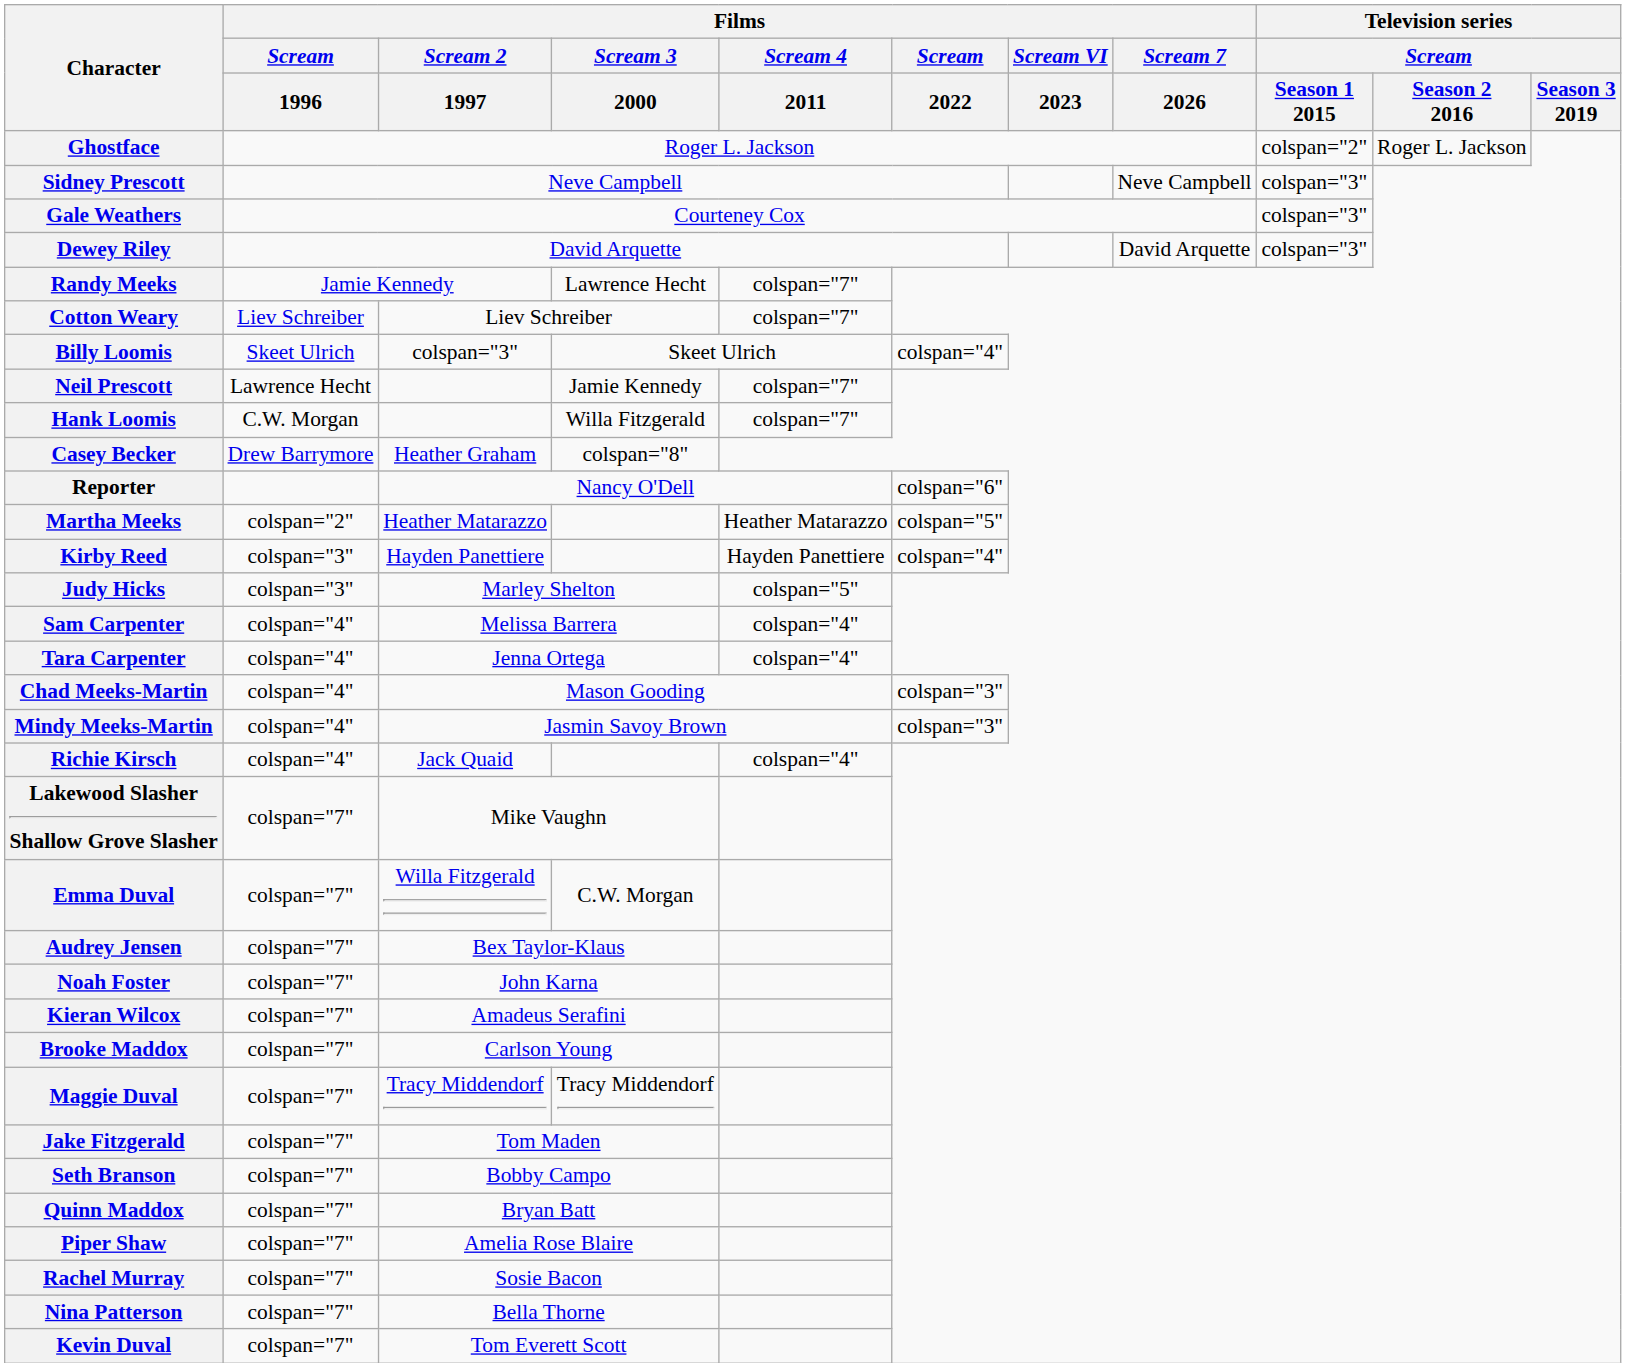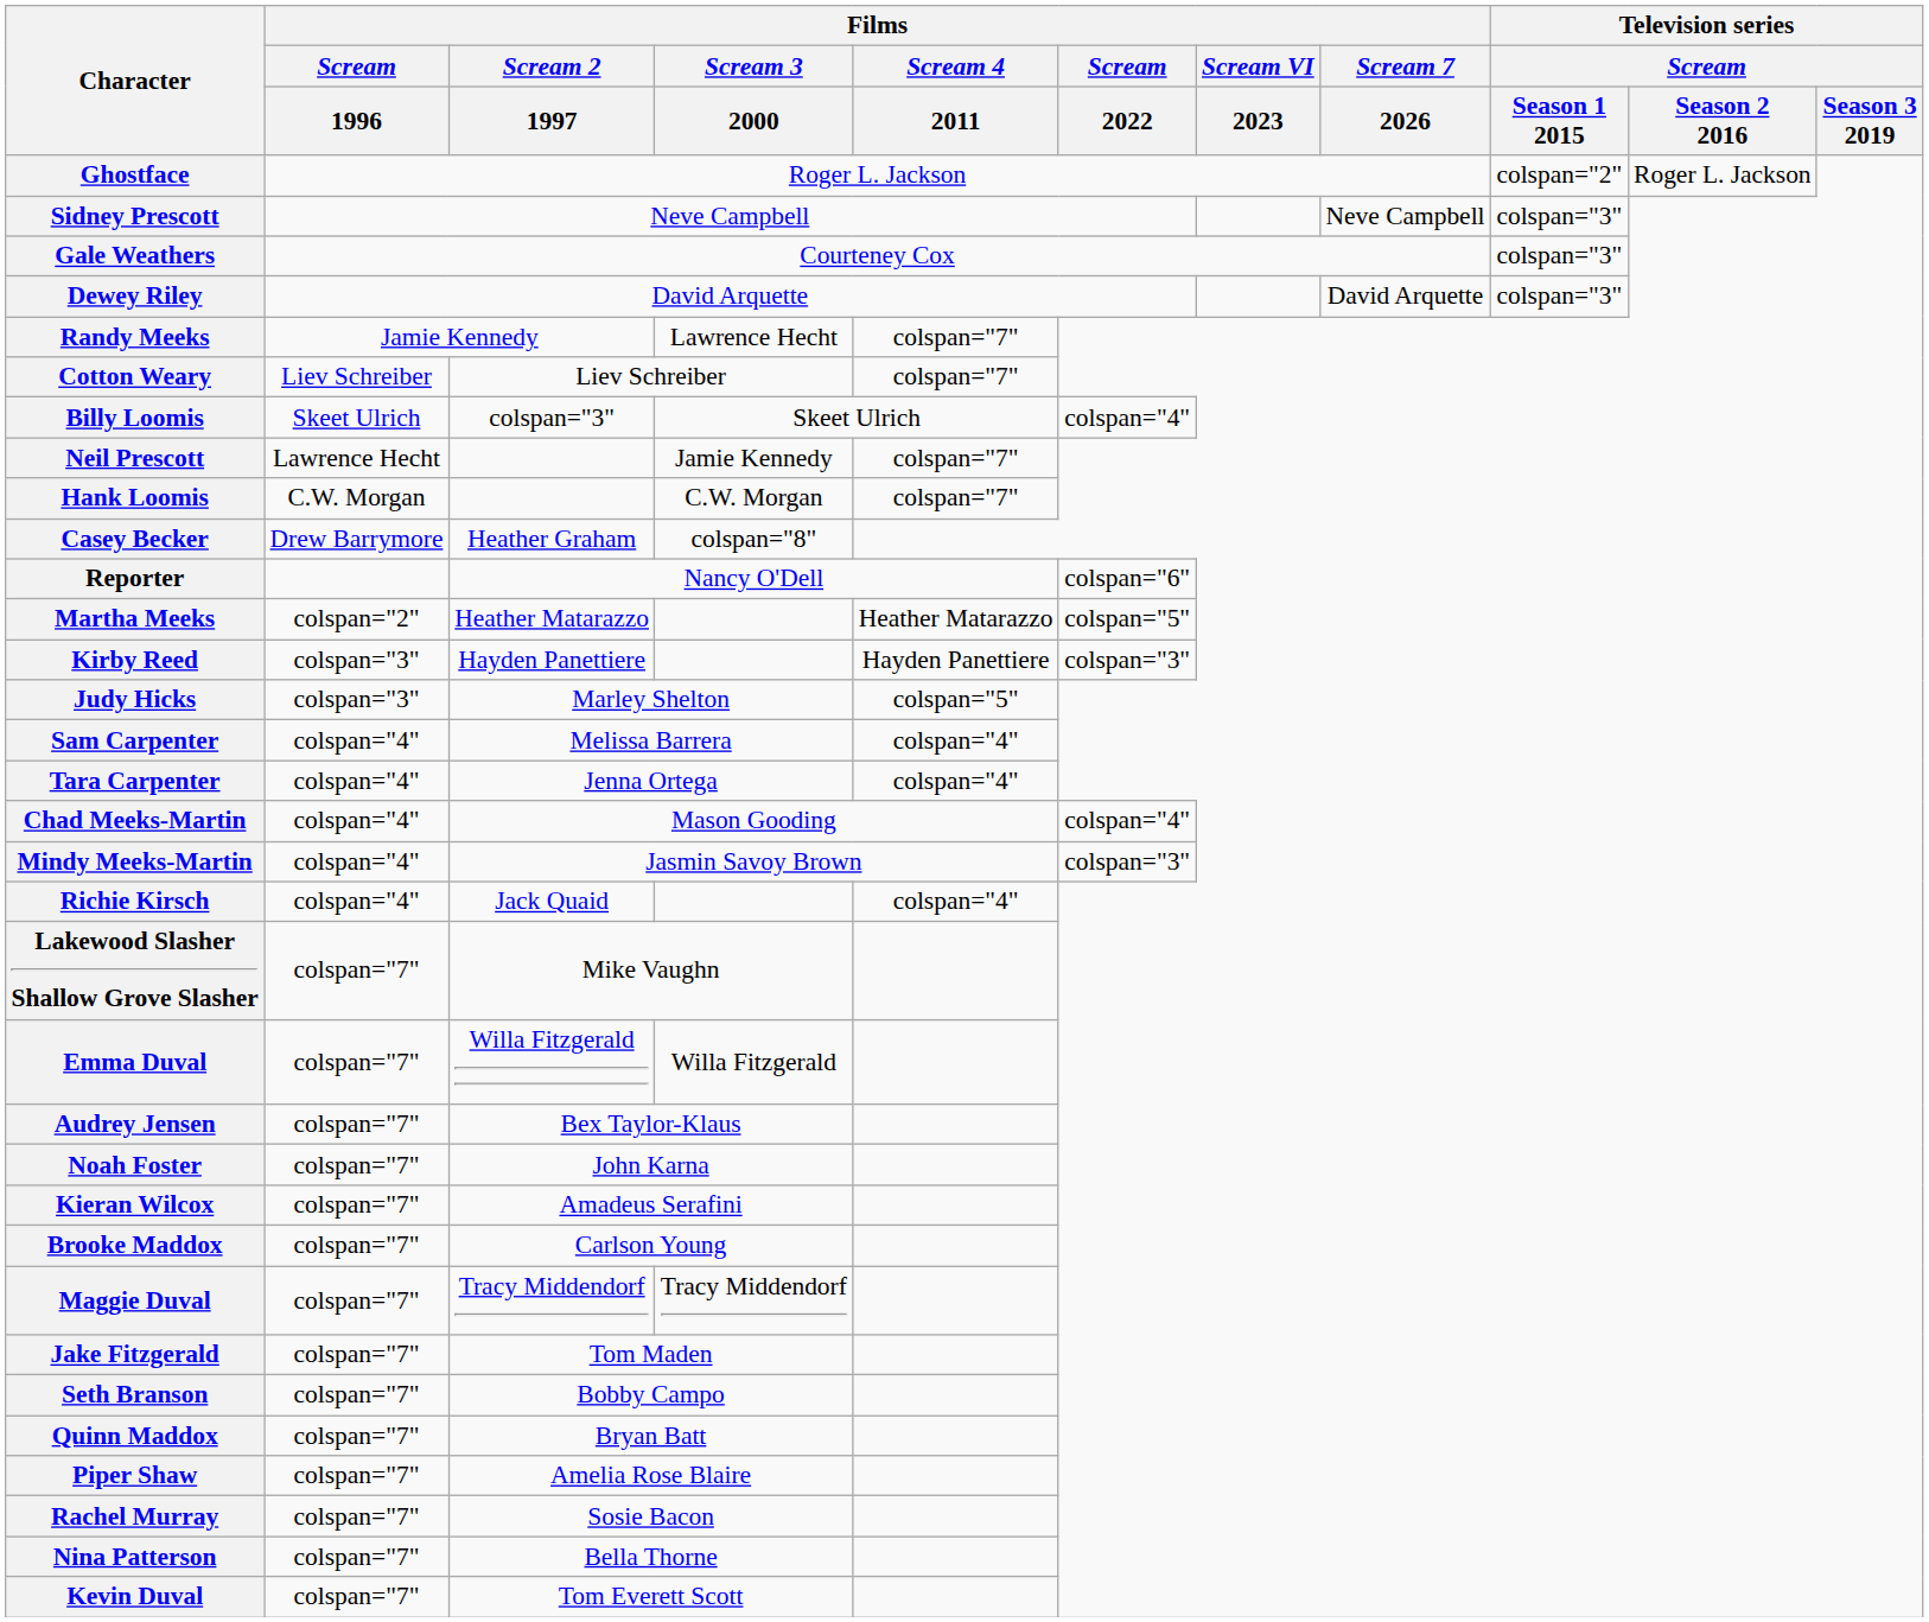 <table class="wikitable" style="text-align:center">
 <tr>
 <th rowspan="3">Character</th>
 <th colspan="7">Films</th>
 <th colspan="3">Television series</th>
 </tr>
 <tr>
 <th><em><a href='#'>Scream</a></em></th>
 <th><em><a href='#'>Scream 2</a></em></th>
 <th><em><a href='#'>Scream 3</a></em></th>
 <th><em><a href='#'>Scream 4</a></em></th>
 <th><em><a href='#'>Scream</a></em></th>
 <th><em><a href='#'>Scream VI</a></em></th>
 <th><em><a href='#'>Scream 7</a></em></th>
 <th colspan="3"><em><a href='#'>Scream</a></em></th>
 </tr>
 <tr>
 <th>1996</th>
 <th>1997</th>
 <th>2000</th>
 <th>2011</th>
 <th>2022</th>
 <th>2023</th>
 <th>2026</th>
 <th><a href='#'>Season 1</a><br>2015</th>
 <th><a href='#'>Season 2</a><br>2016</th>
 <th><a href='#'>Season 3</a><br>2019</th>
 </tr>
 <tr>
 <th><a href='#'>Ghostface</a></th>
 <td colspan="7"><a href='#'>Roger L. Jackson</a></td>
 <td>colspan="2" </td>
 <td>Roger L. Jackson</td>
 </tr>
 <tr>
 <th><a href='#'>Sidney Prescott</a></th>
 <td colspan="5"><a href='#'>Neve Campbell</a></td>
 <td></td>
 <td>Neve Campbell</td>
 <td>colspan="3" </td>
 </tr>
 <tr>
 <th><a href='#'>Gale Weathers</a></th>
 <td colspan="7"><a href='#'>Courteney Cox</a></td>
 <td>colspan="3" </td>
 </tr>
 <tr>
 <th><a href='#'>Dewey Riley</a></th>
 <td colspan="5"><a href='#'>David Arquette</a></td>
 <td></td>
 <td>David Arquette</td>
 <td>colspan="3" </td>
 </tr>
 <tr>
 <th><a href='#'>Randy Meeks</a></th>
 <td colspan="2"><a href='#'>Jamie Kennedy</a></td>
 <td>Lawrence Hecht</td>
 <td>colspan="7" </td>
 </tr>
 <tr>
 <th><a href='#'>Cotton Weary</a></th>
 <td><a href='#'>Liev Schreiber</a></td>
 <td colspan="2">Liev Schreiber</td>
 <td>colspan="7" </td>
 </tr>
 <tr>
 <th><a href='#'>Billy Loomis</a></th>
 <td><a href='#'>Skeet Ulrich</a></td>
 <td>colspan="3" </td>
 <td colspan="2">Skeet Ulrich</td>
 <td>colspan="4" </td>
 </tr>
 <tr>
 <th><a href='#'>Neil Prescott</a></th>
 <td>Lawrence Hecht</td>
 <td></td>
 <td>Jamie Kennedy</td>
 <td>colspan="7" </td>
 </tr>
 <tr>
 <th><a href='#'>Hank Loomis</a></th>
 <td>C.W. Morgan</td>
 <td></td>
-<td>Willa Fitzgerald</td>
+<td>C.W. Morgan</td>
 <td>colspan="7" </td>
 </tr>
 <tr>
 <th><a href='#'>Casey Becker</a></th>
 <td><a href='#'>Drew Barrymore</a></td>
 <td><a href='#'>Heather Graham</a></td>
 <td>colspan="8" </td>
 </tr>
 <tr>
 <th>Reporter</th>
 <td></td>
 <td colspan="3"><a href='#'>Nancy O'Dell</a></td>
 <td>colspan="6" </td>
 </tr>
 <tr>
 <th><a href='#'>Martha Meeks</a></th>
 <td>colspan="2" </td>
 <td><a href='#'>Heather Matarazzo</a></td>
 <td></td>
 <td>Heather Matarazzo</td>
 <td>colspan="5" </td>
 </tr>
 <tr>
 <th><a href='#'>Kirby Reed</a></th>
 <td>colspan="3" </td>
 <td><a href='#'>Hayden Panettiere</a></td>
 <td></td>
 <td>Hayden Panettiere</td>
-<td>colspan="4" </td>
+<td>colspan="3" </td>
 </tr>
 <tr>
 <th><a href='#'>Judy Hicks</a></th>
 <td>colspan="3" </td>
 <td colspan="2"><a href='#'>Marley Shelton</a></td>
 <td>colspan="5" </td>
 </tr>
 <tr>
 <th><a href='#'>Sam Carpenter</a></th>
 <td>colspan="4" </td>
 <td colspan="2"><a href='#'>Melissa Barrera</a></td>
 <td>colspan="4" </td>
 </tr>
 <tr>
 <th><a href='#'>Tara Carpenter</a></th>
 <td>colspan="4" </td>
 <td colspan="2"><a href='#'>Jenna Ortega</a></td>
 <td>colspan="4" </td>
 </tr>
 <tr>
 <th><a href='#'>Chad Meeks-Martin</a></th>
 <td>colspan="4" </td>
 <td colspan="3"><a href='#'>Mason Gooding</a></td>
-<td>colspan="3" </td>
+<td>colspan="4" </td>
 </tr>
 <tr>
 <th><a href='#'>Mindy Meeks-Martin</a></th>
 <td>colspan="4" </td>
 <td colspan="3"><a href='#'>Jasmin Savoy Brown</a></td>
 <td>colspan="3" </td>
 </tr>
 <tr>
 <th><a href='#'>Richie Kirsch</a></th>
 <td>colspan="4" </td>
 <td><a href='#'>Jack Quaid</a></td>
 <td></td>
 <td>colspan="4" </td>
 </tr>
 <tr>
 <th>Lakewood Slasher<hr>Shallow Grove Slasher</th>
 <td>colspan="7" </td>
 <td colspan="2">Mike Vaughn</td>
 <td></td>
 </tr>
 <tr>
 <th><a href='#'>Emma Duval</a></th>
 <td>colspan="7" </td>
 <td><a href='#'>Willa Fitzgerald</a><hr><hr></td>
-<td>C.W. Morgan</td>
+<td>Willa Fitzgerald</td>
 <td></td>
 </tr>
 <tr>
 <th><a href='#'>Audrey Jensen</a></th>
 <td>colspan="7" </td>
 <td colspan="2"><a href='#'>Bex Taylor-Klaus</a></td>
 <td></td>
 </tr>
 <tr>
 <th><a href='#'>Noah Foster</a></th>
 <td>colspan="7" </td>
 <td colspan="2"><a href='#'>John Karna</a></td>
 <td></td>
 </tr>
 <tr>
 <th><a href='#'>Kieran Wilcox</a></th>
 <td>colspan="7" </td>
 <td colspan="2"><a href='#'>Amadeus Serafini</a></td>
 <td></td>
 </tr>
 <tr>
 <th><a href='#'>Brooke Maddox</a></th>
 <td>colspan="7" </td>
 <td colspan="2"><a href='#'>Carlson Young</a></td>
 <td></td>
 </tr>
 <tr>
 <th><a href='#'>Maggie Duval</a></th>
 <td>colspan="7" </td>
 <td><a href='#'>Tracy Middendorf</a><hr></td>
 <td>Tracy Middendorf<hr></td>
 <td></td>
 </tr>
 <tr>
 <th><a href='#'>Jake Fitzgerald</a></th>
 <td>colspan="7" </td>
 <td colspan="2"><a href='#'>Tom Maden</a></td>
 <td></td>
 </tr>
 <tr>
 <th><a href='#'>Seth Branson</a></th>
 <td>colspan="7" </td>
 <td colspan="2"><a href='#'>Bobby Campo</a></td>
 <td></td>
 </tr>
 <tr>
 <th><a href='#'>Quinn Maddox</a></th>
 <td>colspan="7" </td>
 <td colspan="2"><a href='#'>Bryan Batt</a></td>
 <td></td>
 </tr>
 <tr>
 <th><a href='#'>Piper Shaw</a></th>
 <td>colspan="7" </td>
 <td colspan="2"><a href='#'>Amelia Rose Blaire</a></td>
 <td></td>
 </tr>
 <tr>
 <th><a href='#'>Rachel Murray</a></th>
 <td>colspan="7" </td>
 <td colspan="2"><a href='#'>Sosie Bacon</a></td>
 <td></td>
 </tr>
 <tr>
 <th><a href='#'>Nina Patterson</a></th>
 <td>colspan="7" </td>
 <td colspan="2"><a href='#'>Bella Thorne</a></td>
 <td></td>
 </tr>
 <tr>
 <th><a href='#'>Kevin Duval</a></th>
 <td>colspan="7" </td>
 <td colspan="2"><a href='#'>Tom Everett Scott</a></td>
 <td></td>
 </tr>
 <tr>
 </tr>
 </table>
